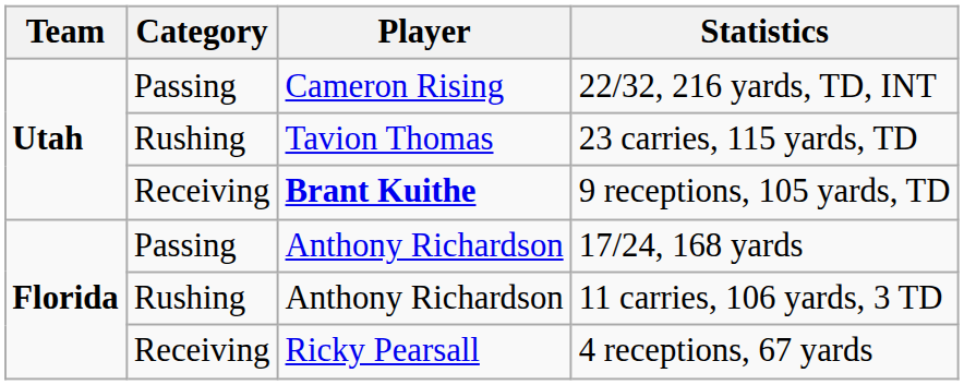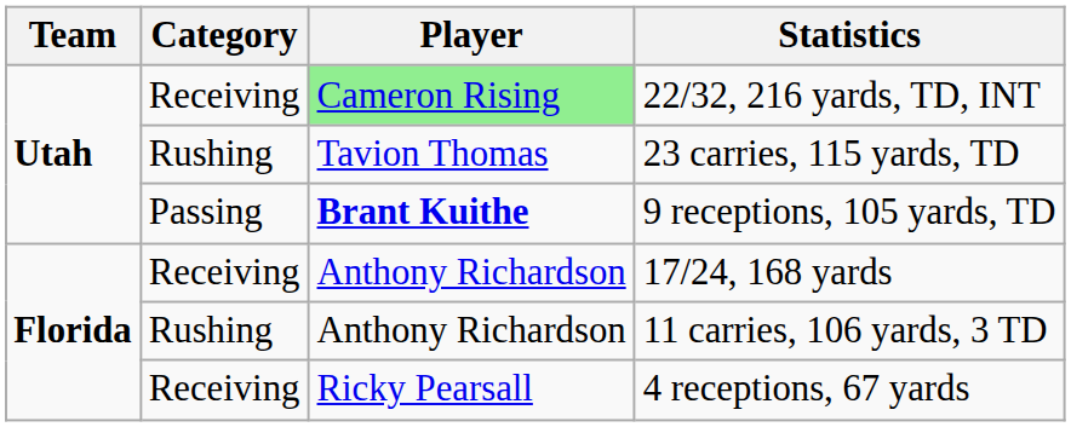 <table class="wikitable" style="float: right;">
 <tr>
 <th>Team</th>
 <th>Category</th>
 <th>Player</th>
 <th>Statistics</th>
 </tr>
 <tr>
 <td rowspan=3><strong>Utah</strong></td>
-<td>Passing</td>
-<td><a href='#'>Cameron Rising</a></td>
+<td>Receiving</td>
+<td style="background: lightgreen;"><a href='#'>Cameron Rising</a></td>
 <td>22/32, 216 yards, TD, INT</td>
 </tr>
 <tr>
 <td>Rushing</td>
 <td><a href='#'>Tavion Thomas</a></td>
 <td>23 carries, 115 yards, TD</td>
 </tr>
 <tr>
-<td>Receiving</td>
+<td>Passing</td>
 <td><strong><a href='#'>Brant Kuithe</a></strong></td>
 <td>9 receptions, 105 yards, TD</td>
 </tr>
 <tr>
 <td rowspan=3><strong>Florida</strong></td>
-<td>Passing</td>
+<td>Receiving</td>
 <td><a href='#'>Anthony Richardson</a></td>
 <td>17/24, 168 yards</td>
 </tr>
 <tr>
 <td>Rushing</td>
 <td>Anthony Richardson</td>
 <td>11 carries, 106 yards, 3 TD</td>
 </tr>
 <tr>
 <td>Receiving</td>
 <td><a href='#'>Ricky Pearsall</a></td>
 <td>4 receptions, 67 yards</td>
 </tr>
 </table>
